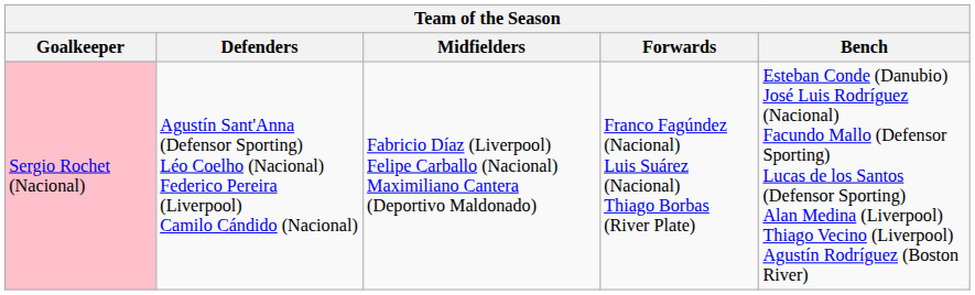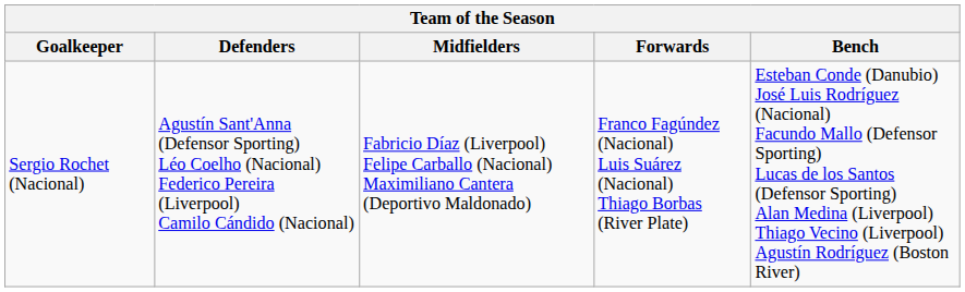 <table class="wikitable">
 <tr>
 <th colspan="13">Team of the Season</th>
 </tr>
 <tr>
 <th>Goalkeeper</th>
 <th>Defenders</th>
 <th>Midfielders</th>
 <th>Forwards</th>
 <th>Bench</th>
 </tr>
 <tr>
-<td style="background: pink;"> <a href='#'>Sergio Rochet</a> (Nacional)</td>
+<td> <a href='#'>Sergio Rochet</a> (Nacional)</td>
 <td> <a href='#'>Agustín Sant'Anna</a> (Defensor Sporting)<br> <a href='#'>Léo Coelho</a> (Nacional)<br> <a href='#'>Federico Pereira</a> (Liverpool)<br> <a href='#'>Camilo Cándido</a> (Nacional)</td>
 <td> <a href='#'>Fabricio Díaz</a> (Liverpool)<br> <a href='#'>Felipe Carballo</a> (Nacional)<br> <a href='#'>Maximiliano Cantera</a> (Deportivo Maldonado)</td>
 <td> <a href='#'>Franco Fagúndez</a> (Nacional)<br> <a href='#'>Luis Suárez</a> (Nacional)<br> <a href='#'>Thiago Borbas</a> (River Plate)</td>
 <td> <a href='#'>Esteban Conde</a> (Danubio)<br> <a href='#'>José Luis Rodríguez</a> (Nacional)<br> <a href='#'>Facundo Mallo</a> (Defensor Sporting)<br> <a href='#'>Lucas de los Santos</a> (Defensor Sporting)<br> <a href='#'>Alan Medina</a> (Liverpool)<br> <a href='#'>Thiago Vecino</a> (Liverpool)<br> <a href='#'>Agustín Rodríguez</a> (Boston River)</td>
 </tr>
 </table>
